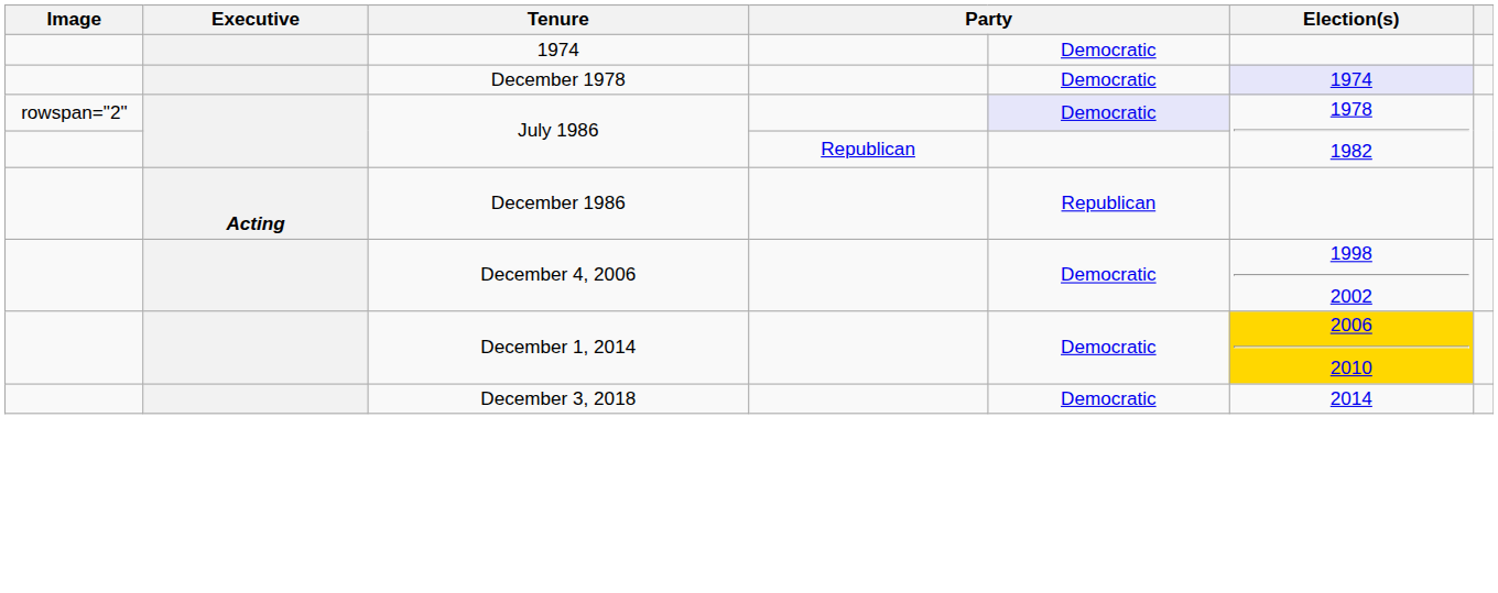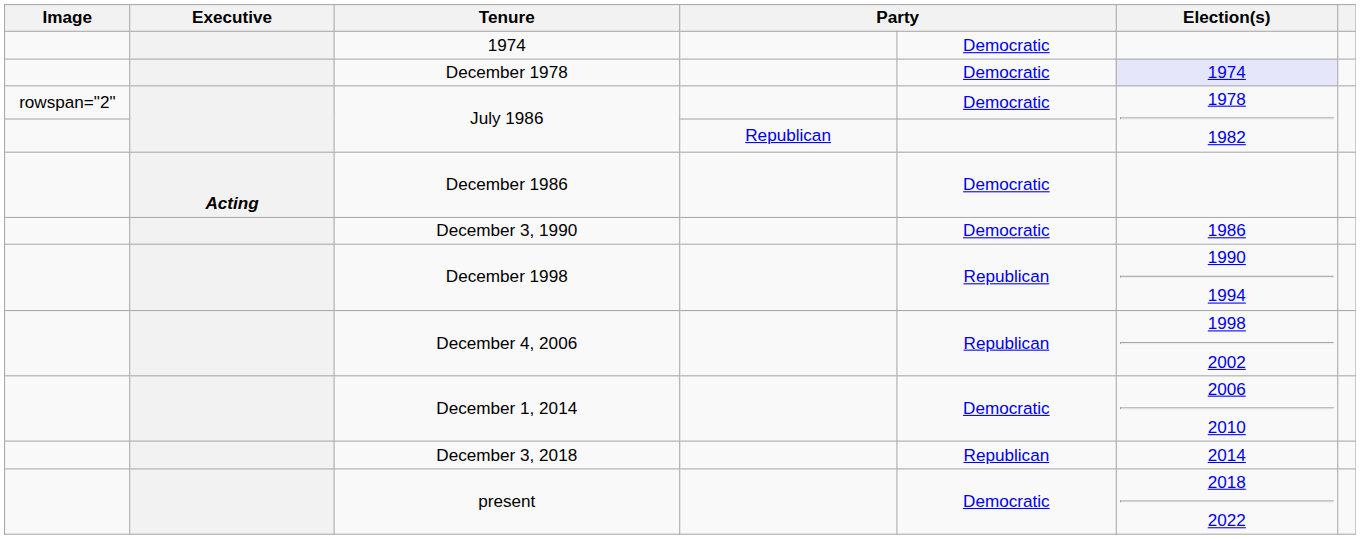 <table class="wikitable sortable plainrowheaders" style="width: 100%; text-align: center;">
 <tr>
 <th scope="col" class="unsortable" style="width: 110px;">Image</th>
 <th scope="col">Executive</th>
 <th scope="col">Tenure</th>
 <th scope="col" colspan="2">Party</th>
 <th scope="col" class="unsortable">Election(s)</th>
 <th scope="col" class="unsortable"></th>
 </tr>
 <tr>
 <td></td>
 <th scope="row" style="text-align: center;"><br></th>
 <td> 1974</td>
 <td></td>
 <td><a href='#'>Democratic</a></td>
 <td></td>
 <td></td>
 </tr>
 <tr>
 <td></td>
 <th scope="row" style="text-align: center;"><br></th>
 <td> December 1978</td>
 <td></td>
 <td><a href='#'>Democratic</a></td>
 <td style="background: lavender;"><a href='#'>1974</a></td>
 <td></td>
 </tr>
 <tr>
 <td>rowspan="2"  </td>
 <th scope="row" rowspan="2" style="text-align: center;"><br></th>
 <td rowspan="2"> July 1986</td>
 <td></td>
-<td style="background: lavender;"><a href='#'>Democratic</a></td>
+<td><a href='#'>Democratic</a></td>
 <td rowspan="2"><a href='#'>1978</a><hr><a href='#'>1982</a></td>
 <td rowspan="2"></td>
 </tr>
 <tr>
 <td></td>
 <td><a href='#'>Republican</a></td>
 </tr>
 <tr>
 <td></td>
 <th scope="row" style="text-align: center;"><br><br><em>Acting</em></th>
 <td> December 1986</td>
 <td></td>
+<td><a href='#'>Democratic</a></td>
+<td></td>
+<td></td>
+</tr>
+<tr>
+<td></td>
+<th scope="row" style="text-align: center;"><br></th>
+<td> December 3, 1990</td>
+<td></td>
+<td><a href='#'>Democratic</a></td>
+<td><a href='#'>1986</a></td>
+<td></td>
+</tr>
+<tr>
+<td></td>
+<th scope="row" style="text-align: center;"><br></th>
+<td> December 1998</td>
+<td></td>
 <td><a href='#'>Republican</a></td>
-<td></td>
+<td><a href='#'>1990</a><hr><a href='#'>1994</a></td>
 <td></td>
 </tr>
 <tr>
 <td></td>
 <th scope="row" style="text-align: center;"><br></th>
 <td> December 4, 2006</td>
 <td></td>
-<td><a href='#'>Democratic</a></td>
+<td><a href='#'>Republican</a></td>
 <td><a href='#'>1998</a><hr><a href='#'>2002</a></td>
 <td></td>
 </tr>
 <tr>
 <td></td>
 <th scope="row" style="text-align: center;"><br></th>
 <td> December 1, 2014</td>
 <td></td>
 <td><a href='#'>Democratic</a></td>
-<td style="background: gold;"><a href='#'>2006</a><hr><a href='#'>2010</a></td>
+<td><a href='#'>2006</a><hr><a href='#'>2010</a></td>
 <td></td>
 </tr>
 <tr>
 <td></td>
 <th scope="row" style="text-align: center;"><br></th>
 <td> December 3, 2018</td>
 <td></td>
-<td><a href='#'>Democratic</a></td>
+<td><a href='#'>Republican</a></td>
 <td><a href='#'>2014</a></td>
 <td></td>
 </tr>
+<tr>
+<td></td>
+<th scope="row" style="text-align: center;"><br></th>
+<td> present</td>
+<td></td>
+<td><a href='#'>Democratic</a></td>
+<td><a href='#'>2018</a><hr><a href='#'>2022</a></td>
+<td></td>
+</tr>
 </table>
